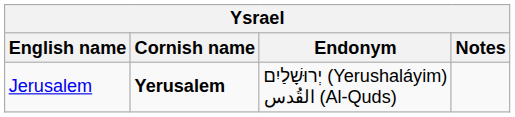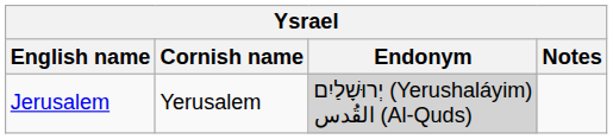 <table class="wikitable sortable">
 <tr>
 <th colspan="24"> Ysrael</th>
 </tr>
 <tr>
 <th>English name</th>
 <th>Cornish name</th>
 <th>Endonym</th>
 <th>Notes</th>
 </tr>
 <tr>
 <td><a href='#'>Jerusalem</a></td>
-<td><strong>Yerusalem</strong></td>
-<td>יְרוּשָׁלַיִם (Yerushaláyim)<br>القُدس (Al-Quds)</td>
+<td>Yerusalem</td>
+<td style="background: lightgrey;">יְרוּשָׁלַיִם (Yerushaláyim)<br>القُدس (Al-Quds)</td>
 <td></td>
 </tr>
 </table>
